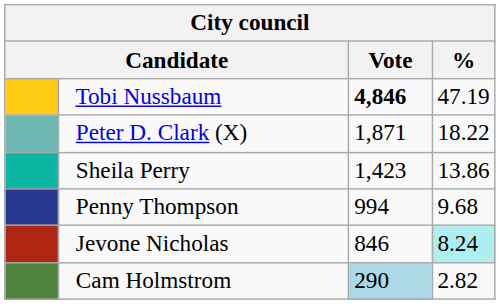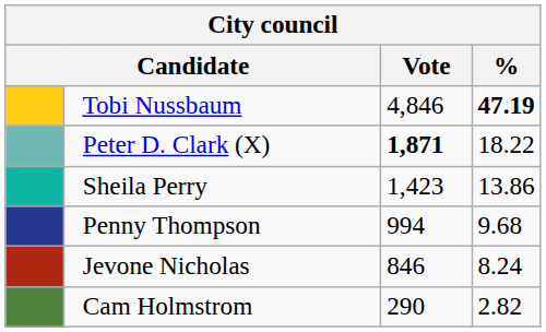 <table class="wikitable">
 <tr>
 <th colspan="4">City council</th>
 </tr>
 <tr>
 <th bgcolor="#DDDDFF" width="230px" colspan="2">Candidate</th>
 <th bgcolor="#DDDDFF" width="50px">Vote</th>
 <th bgcolor="#DDDDFF" width="30px">%</th>
 </tr>
 <tr>
 <td bgcolor=#FFCD16 width="30px"> </td>
 <td>  <a href='#'>Tobi Nussbaum</a></td>
-<td><strong>4,846</strong></td>
-<td>47.19</td>
+<td>4,846</td>
+<td><strong>47.19</strong></td>
 </tr>
 <tr>
 <td bgcolor=#6EB8B3 width="30px"> </td>
 <td>  <a href='#'>Peter D. Clark</a> (X)</td>
-<td>1,871</td>
+<td><strong>1,871</strong></td>
 <td>18.22</td>
 </tr>
 <tr>
 <td bgcolor=#0AB5A2 width="30px"> </td>
 <td>  Sheila Perry</td>
 <td>1,423</td>
 <td>13.86</td>
 </tr>
 <tr>
 <td bgcolor=#283891 width="30px"> </td>
 <td>  Penny Thompson</td>
 <td>994</td>
 <td>9.68</td>
 </tr>
 <tr>
 <td bgcolor=#AF2613 width="30px"> </td>
 <td>  Jevone Nicholas</td>
 <td>846</td>
-<td style="background: paleturquoise;">8.24</td>
+<td>8.24</td>
 </tr>
 <tr>
 <td bgcolor=#4E833D width="30px"> </td>
 <td>  Cam Holmstrom</td>
-<td style="background: lightblue;">290</td>
+<td>290</td>
 <td>2.82</td>
 </tr>
 </table>
